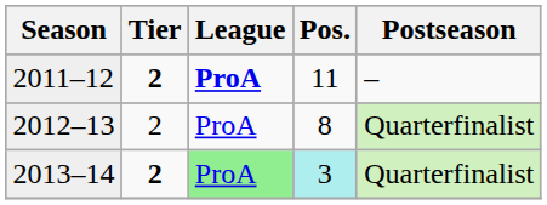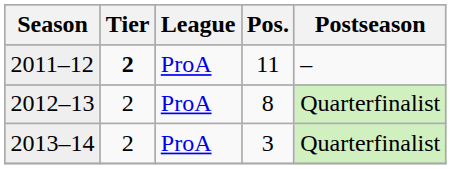 <table class="wikitable" style="font-size:90%;">
 <tr>
 <th>Season</th>
 <th>Tier</th>
 <th>League</th>
 <th>Pos.</th>
 <th>Postseason</th>
 </tr>
 <tr>
 <td style="background:#efefef;">2011–12</td>
 <td align="center"><strong>2</strong></td>
-<td><strong><a href='#'>ProA</a></strong></td>
+<td><a href='#'>ProA</a></td>
 <td align="center">11</td>
 <td>–</td>
 </tr>
 <tr>
 <td style="background:#efefef;">2012–13</td>
 <td align="center">2</td>
 <td><a href='#'>ProA</a></td>
 <td align="center">8</td>
 <td bgcolor=D0F0C0>Quarterfinalist</td>
 </tr>
 <tr>
 <td style="background:#efefef;">2013–14</td>
-<td align="center"><strong>2</strong></td>
-<td style="background: lightgreen;"><a href='#'>ProA</a></td>
-<td align="center" style="background: paleturquoise;">3</td>
+<td align="center">2</td>
+<td><a href='#'>ProA</a></td>
+<td align="center">3</td>
 <td bgcolor=D0F0C0>Quarterfinalist</td>
 </tr>
 <tr>
 </tr>
 </table>
